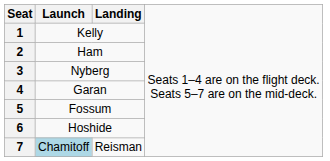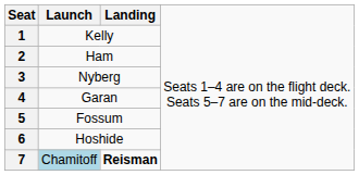 <table class="wikitable" style="text-align:center">
 <tr>
 <th>Seat</th>
 <th>Launch</th>
 <th>Landing</th>
 <td rowspan=8><br>Seats 1–4 are on the flight deck.<br>Seats 5–7 are on the mid-deck.</td>
 </tr>
 <tr>
 <th>1</th>
 <td colspan=2>Kelly</td>
 </tr>
 <tr>
 <th>2</th>
 <td colspan=2>Ham</td>
 </tr>
 <tr>
 <th>3</th>
 <td colspan=2>Nyberg</td>
 </tr>
 <tr>
 <th>4</th>
 <td colspan=2>Garan</td>
 </tr>
 <tr>
 <th>5</th>
 <td colspan=2>Fossum</td>
 </tr>
 <tr>
 <th>6</th>
 <td colspan=2>Hoshide</td>
 </tr>
 <tr>
 <th>7</th>
 <td style="background: lightblue;">Chamitoff</td>
-<td>Reisman</td>
+<td><strong>Reisman</strong></td>
 </tr>
 </table>
